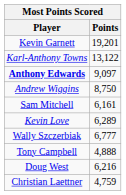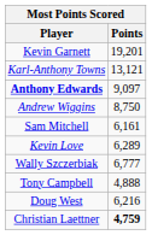 <table class="wikitable sortable" style="text-align:center">
 <tr>
 <th colspan="5">Most Points Scored</th>
 </tr>
 <tr>
 <th>Player</th>
 <th>Points</th>
 </tr>
 <tr>
 <td><a href='#'>Kevin Garnett</a></td>
 <td>19,201</td>
 </tr>
 <tr>
 <td><em><a href='#'>Karl-Anthony Towns</a></em></td>
-<td>13,122</td>
+<td>13,121</td>
 </tr>
 <tr>
 <td><strong><a href='#'>Anthony Edwards</a></strong></td>
 <td>9,097</td>
 </tr>
 <tr>
 <td><em><a href='#'>Andrew Wiggins</a></em></td>
 <td>8,750</td>
 </tr>
 <tr>
 <td><a href='#'>Sam Mitchell</a></td>
 <td>6,161</td>
 </tr>
 <tr>
 <td><em><a href='#'>Kevin Love</a></em></td>
 <td>6,289</td>
 </tr>
 <tr>
 <td><a href='#'>Wally Szczerbiak</a></td>
 <td>6,777</td>
 </tr>
 <tr>
 <td><a href='#'>Tony Campbell</a></td>
 <td>4,888</td>
 </tr>
 <tr>
 <td><a href='#'>Doug West</a></td>
 <td>6,216</td>
 </tr>
 <tr>
 <td><a href='#'>Christian Laettner</a></td>
-<td>4,759</td>
+<td><strong>4,759</strong></td>
 </tr>
 </table>
